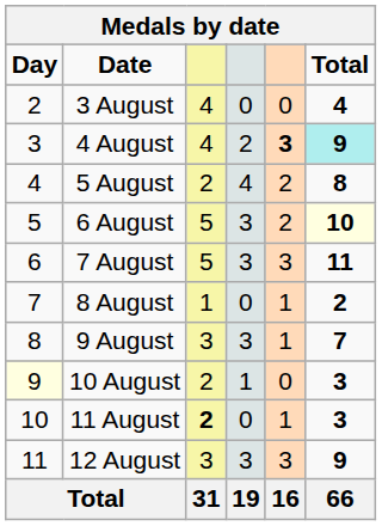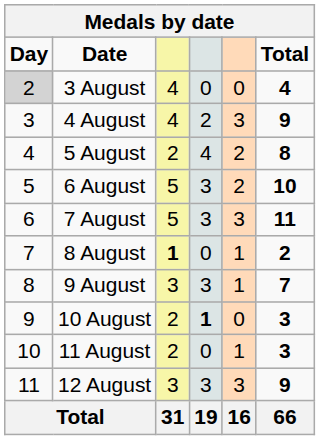 <table class="wikitable" style="font-size:85%; text-align:center;">
 <tr style="background:#efefef;">
 <th colspan=6><strong>Medals by date</strong></th>
 </tr>
 <tr>
 <td><strong>Day</strong></td>
 <td><strong>Date</strong></td>
 <td style="background:#F7F6A8;"></td>
 <td style="background:#DCE5E5;"></td>
 <td style="background:#FFDAB9;"></td>
 <td><strong>Total</strong></td>
 </tr>
 <tr>
-<td>2</td>
+<td style="background: lightgrey;">2</td>
 <td>3 August</td>
 <td style="background:#F7F6A8;">4</td>
 <td style="background:#DCE5E5;">0</td>
 <td style="background:#FFDAB9;">0</td>
 <td><strong>4</strong></td>
 </tr>
 <tr>
 <td>3</td>
 <td>4 August</td>
 <td style="background:#F7F6A8;">4</td>
 <td style="background:#DCE5E5;">2</td>
-<td style="background:#FFDAB9;"><strong>3</strong></td>
-<td style="background: paleturquoise;"><strong>9</strong></td>
+<td style="background:#FFDAB9;">3</td>
+<td><strong>9</strong></td>
 </tr>
 <tr>
 <td>4</td>
 <td>5 August</td>
 <td style="background:#F7F6A8;">2</td>
 <td style="background:#DCE5E5;">4</td>
 <td style="background:#FFDAB9;">2</td>
 <td><strong>8</strong></td>
 </tr>
 <tr>
 <td>5</td>
 <td>6 August</td>
 <td style="background:#F7F6A8;">5</td>
 <td style="background:#DCE5E5;">3</td>
 <td style="background:#FFDAB9;">2</td>
-<td style="background: lightyellow;"><strong>10</strong></td>
+<td><strong>10</strong></td>
 </tr>
 <tr>
 <td>6</td>
 <td>7 August</td>
 <td style="background:#F7F6A8;">5</td>
 <td style="background:#DCE5E5;">3</td>
 <td style="background:#FFDAB9;">3</td>
 <td><strong>11</strong></td>
 </tr>
 <tr>
 <td>7</td>
 <td>8 August</td>
-<td style="background:#F7F6A8;">1</td>
+<td style="background:#F7F6A8;"><strong>1</strong></td>
 <td style="background:#DCE5E5;">0</td>
 <td style="background:#FFDAB9;">1</td>
 <td><strong>2</strong></td>
 </tr>
 <tr>
 <td>8</td>
 <td>9 August</td>
 <td style="background:#F7F6A8;">3</td>
 <td style="background:#DCE5E5;">3</td>
 <td style="background:#FFDAB9;">1</td>
 <td><strong>7</strong></td>
 </tr>
 <tr>
-<td style="background: lightyellow;">9</td>
+<td>9</td>
 <td>10 August</td>
 <td style="background:#F7F6A8;">2</td>
-<td style="background:#DCE5E5;">1</td>
+<td style="background:#DCE5E5;"><strong>1</strong></td>
 <td style="background:#FFDAB9;">0</td>
 <td><strong>3</strong></td>
 </tr>
 <tr>
 <td>10</td>
 <td>11 August</td>
-<td style="background:#F7F6A8;"><strong>2</strong></td>
+<td style="background:#F7F6A8;">2</td>
 <td style="background:#DCE5E5;">0</td>
 <td style="background:#FFDAB9;">1</td>
 <td><strong>3</strong></td>
 </tr>
 <tr>
 <td>11</td>
 <td>12 August</td>
 <td style="background:#F7F6A8;">3</td>
 <td style="background:#DCE5E5;">3</td>
 <td style="background:#FFDAB9;">3</td>
 <td><strong>9</strong></td>
 </tr>
 <tr>
 <th colspan="2">Total</th>
 <th>31</th>
 <th>19</th>
 <th>16</th>
 <th>66</th>
 </tr>
 </table>
